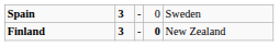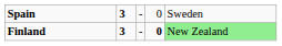 <table class="wikitable">
 <tr>
 <td width=150> <strong>Spain</strong></td>
 <td style="width:20px; text-align:left;"><strong>3</strong></td>
 <td>-</td>
 <td style="width:20px; text-align:right;">0</td>
 <td width=150> Sweden</td>
 </tr>
 <tr>
 <td> <strong>Finland</strong></td>
 <td style="text-align:left;"><strong>3</strong></td>
 <td>-</td>
 <td style="text-align:right;"><strong>0</strong></td>
-<td> New Zealand</td>
+<td style="background: lightgreen;"> New Zealand</td>
 </tr>
 </table>
